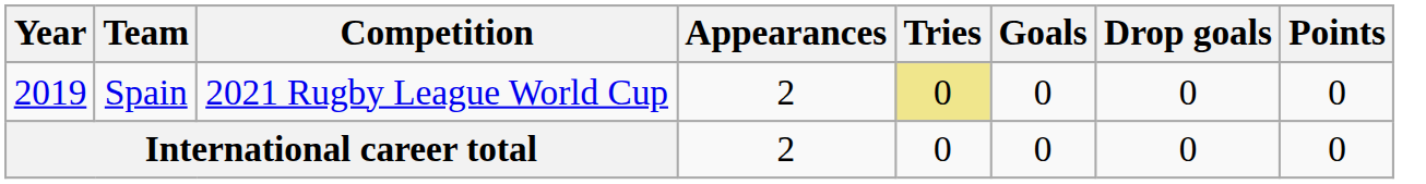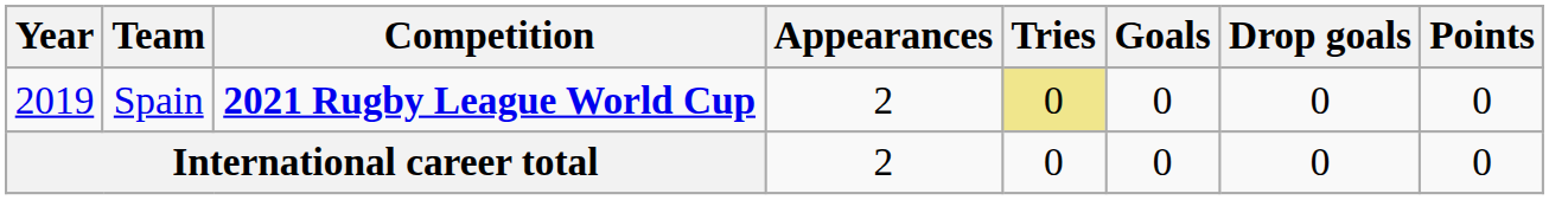 <table class=wikitable style="text-align: center;">
 <tr>
 <th>Year</th>
 <th>Team</th>
 <th>Competition</th>
 <th>Appearances</th>
 <th>Tries</th>
 <th>Goals</th>
 <th>Drop goals</th>
 <th>Points</th>
 </tr>
 <tr>
 <td><a href='#'>2019</a></td>
 <td><a href='#'>Spain</a></td>
-<td><a href='#'>2021 Rugby League World Cup</a></td>
+<td><strong><a href='#'>2021 Rugby League World Cup</a></strong></td>
 <td>2</td>
 <td style="background: khaki;">0</td>
 <td>0</td>
 <td>0</td>
 <td>0</td>
 </tr>
 <tr>
 <th colspan=3>International career total</th>
 <td>2</td>
 <td>0</td>
 <td>0</td>
 <td>0</td>
 <td>0</td>
 </tr>
 </table>
